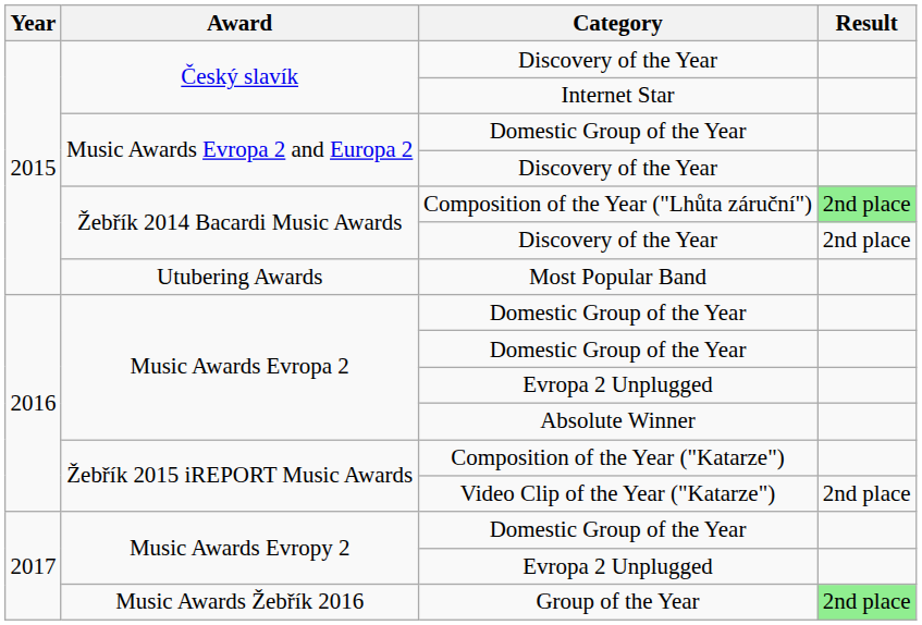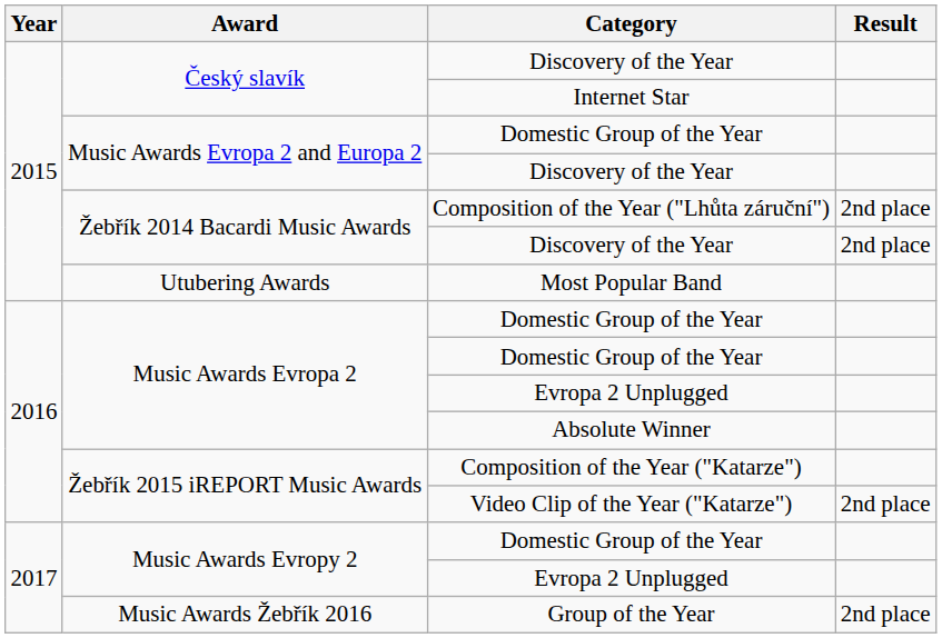 <table class="wikitable" style="text-align:center;">
 <tr>
 <th scope="col">Year</th>
 <th scope="col">Award</th>
 <th scope="col">Category</th>
 <th scope="col">Result</th>
 </tr>
 <tr>
 <td scope="row" rowspan="7">2015</td>
 <td scope="row" rowspan="2"><a href='#'>Český slavík</a></td>
 <td>Discovery of the Year</td>
 <td></td>
 </tr>
 <tr>
 <td>Internet Star</td>
 <td></td>
 </tr>
 <tr>
 <td scope="row" rowspan="2">Music Awards <a href='#'>Evropa 2</a> and <a href='#'>Europa 2</a></td>
 <td>Domestic Group of the Year</td>
 <td></td>
 </tr>
 <tr>
 <td>Discovery of the Year</td>
 <td></td>
 </tr>
 <tr>
 <td scope="row" rowspan="2">Žebřík 2014 Bacardi Music Awards</td>
 <td>Composition of the Year ("Lhůta záruční")</td>
-<td style="background: lightgreen;">2nd place</td>
+<td>2nd place</td>
 </tr>
 <tr>
 <td>Discovery of the Year</td>
 <td>2nd place</td>
 </tr>
 <tr>
 <td>Utubering Awards</td>
 <td>Most Popular Band</td>
 <td></td>
 </tr>
 <tr>
 <td scope="row" rowspan="6">2016</td>
 <td scope="row" rowspan="4">Music Awards Evropa 2</td>
 <td>Domestic Group of the Year</td>
 <td></td>
 </tr>
 <tr>
 <td>Domestic Group of the Year</td>
 <td></td>
 </tr>
 <tr>
 <td>Evropa 2 Unplugged</td>
 <td></td>
 </tr>
 <tr>
 <td>Absolute Winner</td>
 <td></td>
 </tr>
 <tr>
 <td scope="row" rowspan="2">Žebřík 2015 iREPORT Music Awards</td>
 <td>Composition of the Year ("Katarze")</td>
 <td></td>
 </tr>
 <tr>
 <td>Video Clip of the Year ("Katarze")</td>
 <td>2nd place</td>
 </tr>
 <tr>
 <td scope="row" rowspan="3">2017</td>
 <td scope="row" rowspan="2">Music Awards Evropy 2</td>
 <td>Domestic Group of the Year</td>
 <td></td>
 </tr>
 <tr>
 <td>Evropa 2 Unplugged</td>
 <td></td>
 </tr>
 <tr>
 <td>Music Awards Žebřík 2016</td>
 <td>Group of the Year</td>
-<td style="background: lightgreen;">2nd place</td>
+<td>2nd place</td>
 </tr>
 </table>
